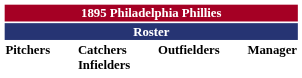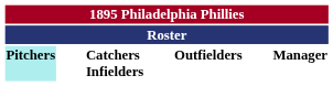 <table class="toccolours" style="font-size: 95%;">
 <tr>
 <th colspan="10" style="background-color: #A50024; color: white; text-align: center;">1895 Philadelphia Phillies</th>
 </tr>
 <tr>
 <td colspan="10" style="background-color: #263473; color: white; text-align: center;"><strong>Roster</strong></td>
 </tr>
 <tr>
-<td valign="top"><strong>Pitchers</strong><br>          </td>
+<td valign="top" style="background: paleturquoise;"><strong>Pitchers</strong><br>          </td>
 <td width="25px"></td>
 <td valign="top"><strong>Catchers</strong><br>   <strong>Infielders</strong>      </td>
 <td width="25px"></td>
 <td valign="top"><strong>Outfielders</strong><br>   </td>
 <td width="25px"></td>
 <td valign="top"><strong>Manager</strong><br></td>
 </tr>
 </table>
